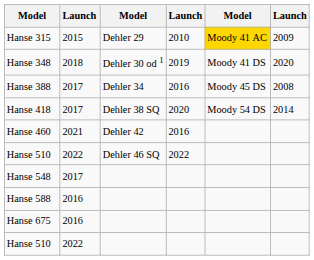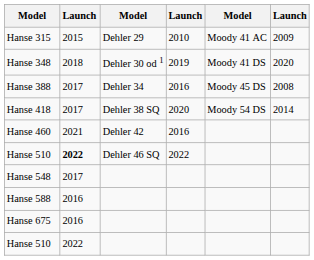 <table class="wikitable" style="text-align:center; font-size:85%; line-height:170%">
 <tr>
 <td style="text-align: center;width: 50pt;background: #f2f2f2"><strong>Model</strong></td>
 <td style="text-align: left;width: 35pt;background: #f2f2f2"><strong>Launch</strong></td>
 <td style="text-align: center;width: 45pt;background: #f2f2f2"><strong>Model</strong></td>
 <td style="text-align: left;width: 30pt;background: #f2f2f2"><strong>Launch</strong></td>
 <td style="text-align: center;width: 60pt;background: #f2f2f2"><strong>Model</strong></td>
 <td style="text-align: left;width: 20pt;background: #f2f2f2"><strong>Launch</strong></td>
 </tr>
 <tr>
 <td style="text-align: left">Hanse 315</td>
 <td style="text-align: left">2015</td>
 <td style="text-align: left">Dehler 29</td>
 <td style="text-align: left">2010</td>
-<td style="background: gold; text-align: left">Moody 41 AC</td>
+<td style="text-align: left">Moody 41 AC</td>
 <td style="text-align: left">2009</td>
 </tr>
 <tr>
 <td style="text-align: left">Hanse 348</td>
 <td style="text-align: left">2018</td>
 <td style="text-align: left">Dehler 30 od <sup>1</sup></td>
 <td style="text-align: left">2019</td>
 <td style="text-align: left">Moody 41 DS</td>
 <td style="text-align: left">2020</td>
 </tr>
 <tr>
 <td style="text-align: left">Hanse 388</td>
 <td style="text-align: left">2017</td>
 <td style="text-align: left">Dehler 34</td>
 <td style="text-align: left">2016</td>
 <td style="text-align: left">Moody 45 DS</td>
 <td style="text-align: left">2008</td>
 </tr>
 <tr>
 <td style="text-align: left">Hanse 418</td>
 <td style="text-align: left">2017</td>
 <td style="text-align: left">Dehler 38 SQ</td>
 <td style="text-align: left">2020</td>
 <td style="text-align: left">Moody 54 DS</td>
 <td style="text-align: left">2014</td>
 </tr>
 <tr>
 <td style="text-align: left">Hanse 460</td>
 <td style="text-align: left">2021</td>
 <td style="text-align: left">Dehler 42</td>
 <td style="text-align: left">2016</td>
 <td></td>
 <td></td>
 </tr>
 <tr>
 <td style="text-align: left">Hanse 510</td>
-<td style="text-align: left">2022</td>
+<td style="text-align: left"><strong>2022</strong></td>
 <td style="text-align: left">Dehler 46 SQ</td>
 <td style="text-align: left">2022</td>
 <td></td>
 <td></td>
 </tr>
 <tr>
 <td style="text-align: left">Hanse 548</td>
 <td style="text-align: left">2017</td>
 <td style="text-align: left"></td>
 <td style="text-align: left"></td>
 <td></td>
 <td></td>
 </tr>
 <tr>
 <td style="text-align: left">Hanse 588</td>
 <td style="text-align: left">2016</td>
 <td></td>
 <td></td>
 <td></td>
 <td></td>
 </tr>
 <tr>
 <td style="text-align: left">Hanse 675</td>
 <td style="text-align: left">2016</td>
 <td></td>
 <td></td>
 <td></td>
 <td></td>
 </tr>
 <tr>
 <td style="text-align: left">Hanse 510</td>
 <td style="text-align: left">2022</td>
 <td></td>
 <td></td>
 <td></td>
 <td></td>
 </tr>
 </table>
